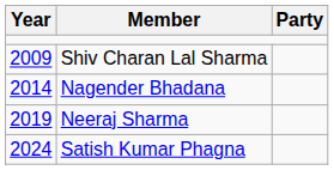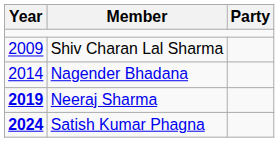 <table class="wikitable">
 <tr>
 <th>Year</th>
 <th>Member</th>
 <th colspan="2">Party</th>
 </tr>
 <tr>
 <td colspan="4"></td>
 </tr>
 <tr>
 <td><a href='#'>2009</a></td>
 <td>Shiv Charan Lal Sharma</td>
 <td></td>
 </tr>
 <tr>
 <td><a href='#'>2014</a></td>
 <td><a href='#'>Nagender Bhadana</a></td>
 <td></td>
 </tr>
 <tr>
-<td><a href='#'>2019</a></td>
+<td><strong><a href='#'>2019</a></strong></td>
 <td><a href='#'>Neeraj Sharma</a></td>
 <td></td>
 </tr>
 <tr>
-<td><a href='#'>2024</a></td>
+<td><strong><a href='#'>2024</a></strong></td>
 <td><a href='#'>Satish Kumar Phagna</a></td>
 <td></td>
 </tr>
 </table>
